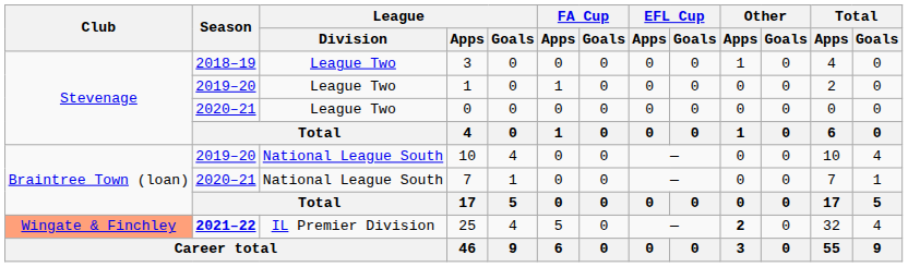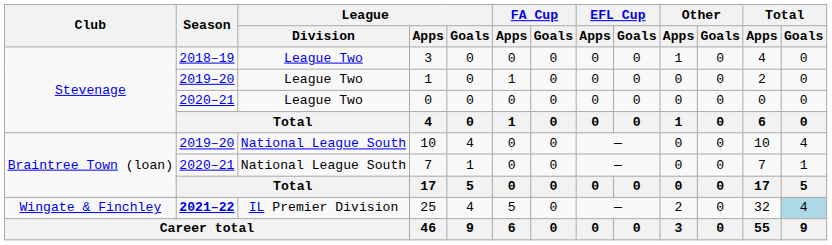 <table class="wikitable" style="text-align:center">
 <tr>
 <th rowspan="2">Club</th>
 <th rowspan="2">Season</th>
 <th colspan="3">League</th>
 <th colspan="2"><a href='#'>FA Cup</a></th>
 <th colspan="2"><a href='#'>EFL Cup</a></th>
 <th colspan="2">Other</th>
 <th colspan="2">Total</th>
 </tr>
 <tr>
 <th>Division</th>
 <th>Apps</th>
 <th>Goals</th>
 <th>Apps</th>
 <th>Goals</th>
 <th>Apps</th>
 <th>Goals</th>
 <th>Apps</th>
 <th>Goals</th>
 <th>Apps</th>
 <th>Goals</th>
 </tr>
 <tr>
 <td rowspan="4"><a href='#'>Stevenage</a></td>
 <td><a href='#'>2018–19</a></td>
 <td><a href='#'>League Two</a></td>
 <td>3</td>
 <td>0</td>
 <td>0</td>
 <td>0</td>
 <td>0</td>
 <td>0</td>
 <td>1</td>
 <td>0</td>
 <td>4</td>
 <td>0</td>
 </tr>
 <tr>
 <td><a href='#'>2019–20</a></td>
 <td>League Two</td>
 <td>1</td>
 <td>0</td>
 <td>1</td>
 <td>0</td>
 <td>0</td>
 <td>0</td>
 <td>0</td>
 <td>0</td>
 <td>2</td>
 <td>0</td>
 </tr>
 <tr>
 <td><a href='#'>2020–21</a></td>
 <td>League Two</td>
 <td>0</td>
 <td>0</td>
 <td>0</td>
 <td>0</td>
 <td>0</td>
 <td>0</td>
 <td>0</td>
 <td>0</td>
 <td>0</td>
 <td>0</td>
 </tr>
 <tr>
 <th colspan="2">Total</th>
 <th>4</th>
 <th>0</th>
 <th>1</th>
 <th>0</th>
 <th>0</th>
 <th>0</th>
 <th>1</th>
 <th>0</th>
 <th>6</th>
 <th>0</th>
 </tr>
 <tr>
 <td rowspan="3"><a href='#'>Braintree Town</a> (loan)</td>
 <td><a href='#'>2019–20</a></td>
 <td><a href='#'>National League South</a></td>
 <td>10</td>
 <td>4</td>
 <td>0</td>
 <td>0</td>
 <td colspan="2">—</td>
 <td>0</td>
 <td>0</td>
 <td>10</td>
 <td>4</td>
 </tr>
 <tr>
 <td><a href='#'>2020–21</a></td>
 <td>National League South</td>
 <td>7</td>
 <td>1</td>
 <td>0</td>
 <td>0</td>
 <td colspan="2">—</td>
 <td>0</td>
 <td>0</td>
 <td>7</td>
 <td>1</td>
 </tr>
 <tr>
 <th colspan="2">Total</th>
 <th>17</th>
 <th>5</th>
 <th>0</th>
 <th>0</th>
 <th>0</th>
 <th>0</th>
 <th>0</th>
 <th>0</th>
 <th>17</th>
 <th>5</th>
 </tr>
 <tr>
-<td rowspan="1" style="background: lightsalmon;"><a href='#'>Wingate & Finchley</a></td>
+<td rowspan="1"><a href='#'>Wingate & Finchley</a></td>
 <td><strong><a href='#'>2021–22</a></strong></td>
 <td><a href='#'>IL</a> Premier Division</td>
 <td>25</td>
 <td>4</td>
 <td>5</td>
 <td>0</td>
 <td colspan="2">—</td>
-<td><strong>2</strong></td>
+<td>2</td>
 <td>0</td>
 <td>32</td>
-<td>4</td>
+<td style="background: lightblue;">4</td>
 </tr>
 <tr>
 <th colspan=3>Career total</th>
 <th>46</th>
 <th>9</th>
 <th>6</th>
 <th>0</th>
 <th>0</th>
 <th>0</th>
 <th>3</th>
 <th>0</th>
 <th>55</th>
 <th>9</th>
 </tr>
 </table>
